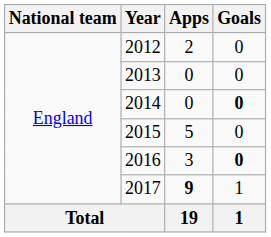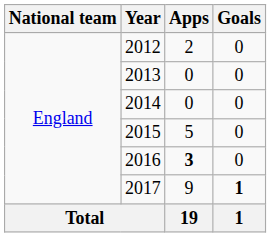 <table class=wikitable style=text-align:center>
 <tr>
 <th>National team</th>
 <th>Year</th>
 <th>Apps</th>
 <th>Goals</th>
 </tr>
 <tr>
 <td rowspan="6"><a href='#'>England</a></td>
 <td>2012</td>
 <td>2</td>
 <td>0</td>
 </tr>
 <tr>
 <td>2013</td>
 <td>0</td>
 <td>0</td>
 </tr>
 <tr>
 <td>2014</td>
 <td>0</td>
-<td><strong>0</strong></td>
+<td>0</td>
 </tr>
 <tr>
 <td>2015</td>
 <td>5</td>
 <td>0</td>
 </tr>
 <tr>
 <td>2016</td>
-<td>3</td>
-<td><strong>0</strong></td>
+<td><strong>3</strong></td>
+<td>0</td>
 </tr>
 <tr>
 <td>2017</td>
-<td><strong>9</strong></td>
-<td>1</td>
+<td>9</td>
+<td><strong>1</strong></td>
 </tr>
 <tr>
 <th colspan=2>Total</th>
 <th>19</th>
 <th>1</th>
 </tr>
 </table>
